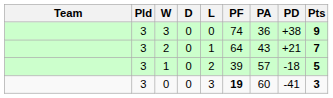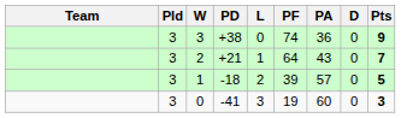 <table class="wikitable" style="text-align:center;">
 <tr>
 <th width=175>Team</th>
 <th width=25 abbr="Played">Pld</th>
 <th width=25 abbr="Won">W</th>
-<th width=25 abbr="Drawn">D</th>
+<th width=32 abbr="Points difference">PD</th>
 <th width=25 abbr="Lost">L</th>
 <th width=32 abbr="Points for">PF</th>
 <th width=32 abbr="Points against">PA</th>
-<th width=32 abbr="Points difference">PD</th>
+<th width=25 abbr="Drawn">D</th>
 <th width=25 abbr="Points">Pts</th>
 </tr>
 <tr bgcolor=ccffcc>
 <td align=left></td>
 <td>3</td>
 <td>3</td>
-<td>0</td>
+<td>+38</td>
 <td>0</td>
 <td>74</td>
 <td>36</td>
-<td>+38</td>
+<td>0</td>
 <td><strong>9</strong></td>
 </tr>
 <tr bgcolor=ccffcc>
 <td align=left></td>
 <td>3</td>
 <td>2</td>
-<td>0</td>
+<td>+21</td>
 <td>1</td>
 <td>64</td>
 <td>43</td>
-<td>+21</td>
+<td>0</td>
 <td><strong>7</strong></td>
 </tr>
 <tr bgcolor=ccffcc>
 <td align=left></td>
 <td>3</td>
 <td>1</td>
-<td>0</td>
+<td>-18</td>
 <td>2</td>
 <td>39</td>
 <td>57</td>
-<td>-18</td>
+<td>0</td>
 <td><strong>5</strong></td>
 </tr>
 <tr>
 <td align=left></td>
 <td>3</td>
 <td>0</td>
+<td>-41</td>
+<td>3</td>
+<td>19</td>
+<td>60</td>
 <td>0</td>
-<td>3</td>
-<td><strong>19</strong></td>
-<td>60</td>
-<td>-41</td>
 <td><strong>3</strong></td>
 </tr>
 </table>
